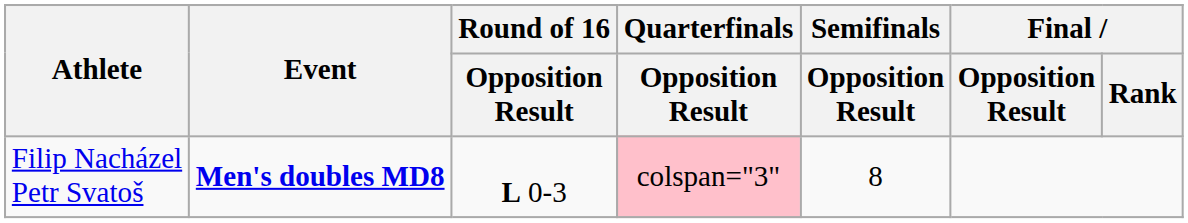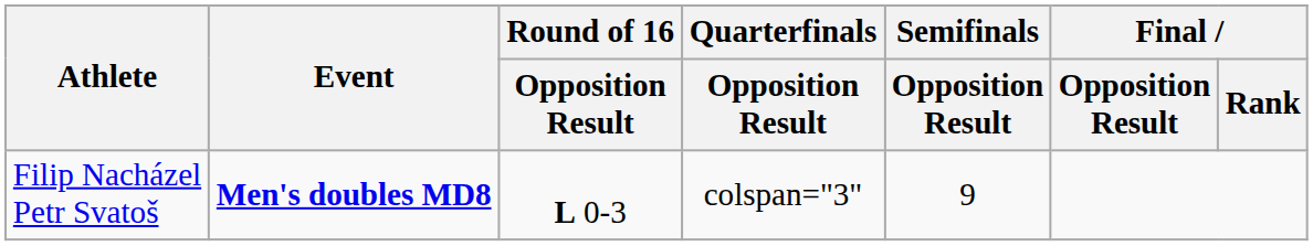 <table class=wikitable style="font-size:90%">
 <tr align=center>
 <th rowspan="2">Athlete</th>
 <th rowspan="2">Event</th>
 <th>Round of 16</th>
 <th>Quarterfinals</th>
 <th>Semifinals</th>
 <th colspan="2">Final / </th>
 </tr>
 <tr>
 <th>Opposition<br>Result</th>
 <th>Opposition<br>Result</th>
 <th>Opposition<br>Result</th>
 <th>Opposition<br>Result</th>
 <th>Rank</th>
 </tr>
 <tr align=center>
 <td align=left><a href='#'>Filip Nacházel</a><br><a href='#'>Petr Svatoš</a></td>
 <td align=left><strong><a href='#'>Men's doubles MD8</a></strong></td>
 <td><br><strong>L</strong> 0-3</td>
-<td style="background: pink;">colspan="3" </td>
-<td>8</td>
+<td>colspan="3" </td>
+<td>9</td>
 </tr>
 </table>
